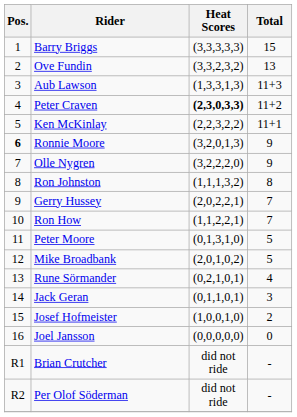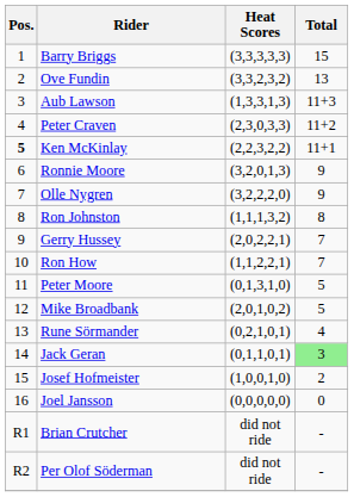 <table class="wikitable" style="text-align:center;">
 <tr>
 <th width=25px>Pos.</th>
 <th width=200px>Rider</th>
 <th width=70px>Heat Scores</th>
 <th width=50px>Total</th>
 </tr>
 <tr>
 <td>1</td>
 <td align=left> <a href='#'>Barry Briggs</a></td>
 <td>(3,3,3,3,3)</td>
 <td>15</td>
 </tr>
 <tr>
 <td>2</td>
 <td align=left> <a href='#'>Ove Fundin</a></td>
 <td>(3,3,2,3,2)</td>
 <td>13</td>
 </tr>
 <tr>
 <td>3</td>
 <td align=left> <a href='#'>Aub Lawson</a></td>
 <td>(1,3,3,1,3)</td>
 <td>11+3</td>
 </tr>
 <tr>
 <td>4</td>
 <td align=left> <a href='#'>Peter Craven</a></td>
-<td><strong>(2,3,0,3,3)</strong></td>
+<td>(2,3,0,3,3)</td>
 <td>11+2</td>
 </tr>
 <tr>
-<td>5</td>
+<td><strong>5</strong></td>
 <td align=left> <a href='#'>Ken McKinlay</a></td>
 <td>(2,2,3,2,2)</td>
 <td>11+1</td>
 </tr>
 <tr>
-<td><strong>6</strong></td>
+<td>6</td>
 <td align=left> <a href='#'>Ronnie Moore</a></td>
 <td>(3,2,0,1,3)</td>
 <td>9</td>
 </tr>
 <tr>
 <td>7</td>
 <td align=left> <a href='#'>Olle Nygren</a></td>
 <td>(3,2,2,2,0)</td>
 <td>9</td>
 </tr>
 <tr>
 <td>8</td>
 <td align=left> <a href='#'>Ron Johnston</a></td>
 <td>(1,1,1,3,2)</td>
 <td>8</td>
 </tr>
 <tr>
 <td>9</td>
 <td align=left> <a href='#'>Gerry Hussey</a></td>
 <td>(2,0,2,2,1)</td>
 <td>7</td>
 </tr>
 <tr>
 <td>10</td>
 <td align=left> <a href='#'>Ron How</a></td>
 <td>(1,1,2,2,1)</td>
 <td>7</td>
 </tr>
 <tr>
 <td>11</td>
 <td align=left> <a href='#'>Peter Moore</a></td>
 <td>(0,1,3,1,0)</td>
 <td>5</td>
 </tr>
 <tr>
 <td>12</td>
 <td align=left> <a href='#'>Mike Broadbank</a></td>
 <td>(2,0,1,0,2)</td>
 <td>5</td>
 </tr>
 <tr>
 <td>13</td>
 <td align=left> <a href='#'>Rune Sörmander</a></td>
 <td>(0,2,1,0,1)</td>
 <td>4</td>
 </tr>
 <tr>
 <td>14</td>
 <td align=left> <a href='#'>Jack Geran</a></td>
 <td>(0,1,1,0,1)</td>
-<td>3</td>
+<td style="background: lightgreen;">3</td>
 </tr>
 <tr>
 <td>15</td>
 <td align=left> <a href='#'>Josef Hofmeister</a></td>
 <td>(1,0,0,1,0)</td>
 <td>2</td>
 </tr>
 <tr>
 <td>16</td>
 <td align=left> <a href='#'>Joel Jansson</a></td>
 <td>(0,0,0,0,0)</td>
 <td>0</td>
 </tr>
 <tr>
 <td>R1</td>
 <td align=left> <a href='#'>Brian Crutcher</a></td>
 <td>did not ride</td>
 <td>-</td>
 </tr>
 <tr>
 <td>R2</td>
 <td align=left> <a href='#'>Per Olof Söderman</a></td>
 <td>did not ride</td>
 <td>-</td>
 </tr>
 <tr>
 </tr>
 </table>
